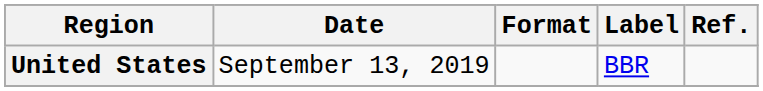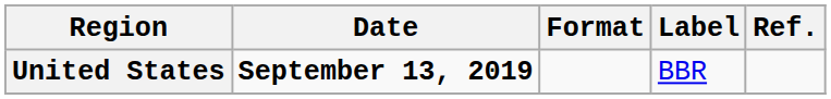 <table class="wikitable plainrowheaders">
 <tr>
 <th scope="col">Region</th>
 <th scope="col">Date</th>
 <th scope="col">Format</th>
 <th scope="col">Label</th>
 <th scope="col">Ref.</th>
 </tr>
 <tr>
 <th scope="row">United States</th>
-<td>September 13, 2019</td>
+<td><strong>September 13, 2019</strong></td>
 <td></td>
 <td><a href='#'>BBR</a></td>
 <td></td>
 </tr>
 <tr>
 </tr>
 </table>
